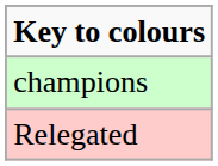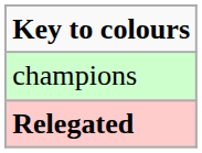 <table class="wikitable" style="font-size:85%;">
 <tr>
 <td><strong>Key to colours</strong></td>
 </tr>
 <tr style="width:10px; background:#cfc;">
 <td>champions</td>
 </tr>
 <tr style="width:10px; background:#fcc;">
-<td>Relegated</td>
+<td><strong>Relegated</strong></td>
 </tr>
 </table>
